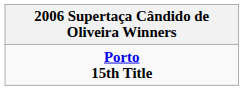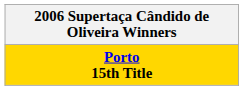 <table class="wikitable" style="text-align: center; margin: 0 auto; width: 20%">
 <tr>
 <th>2006 Supertaça Cândido de Oliveira Winners</th>
 </tr>
 <tr>
-<td><strong><a href='#'>Porto</a></strong><br><strong>15th Title</strong></td>
+<td style="background: gold;"><strong><a href='#'>Porto</a></strong><br><strong>15th Title</strong></td>
 </tr>
 </table>
